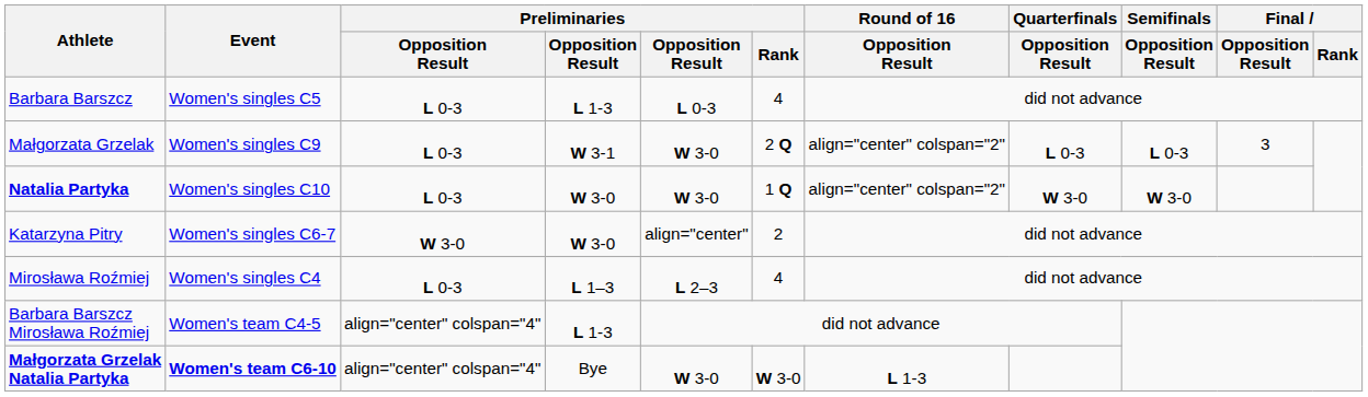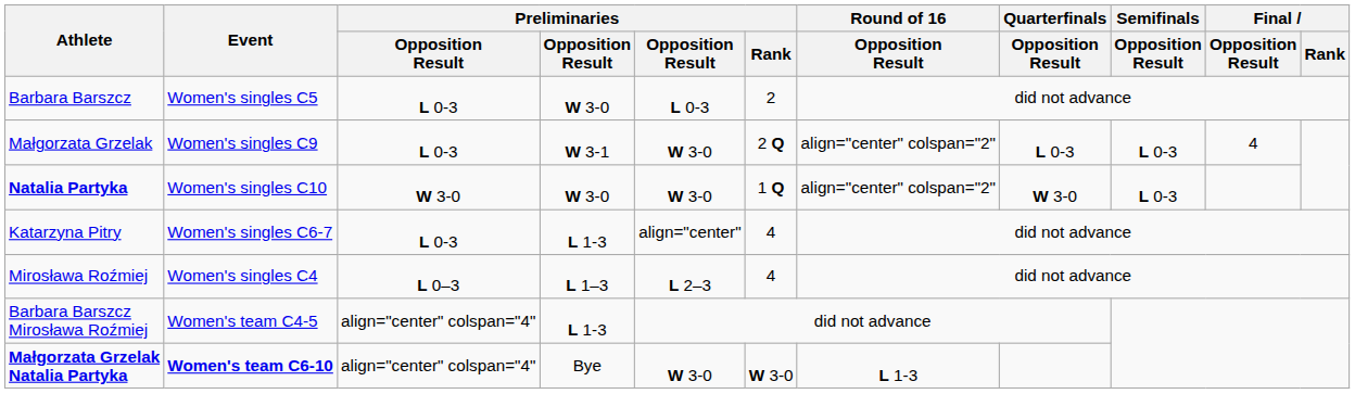 <table class=wikitable style="font-size:90%">
 <tr>
 <th rowspan="2">Athlete</th>
 <th rowspan="2">Event</th>
 <th colspan="4">Preliminaries</th>
 <th>Round of 16</th>
 <th>Quarterfinals</th>
 <th>Semifinals</th>
 <th colspan="2">Final / </th>
 </tr>
 <tr>
 <th>Opposition<br>Result</th>
 <th>Opposition<br>Result</th>
 <th>Opposition<br>Result</th>
 <th>Rank</th>
 <th>Opposition<br>Result</th>
 <th>Opposition<br>Result</th>
 <th>Opposition<br>Result</th>
 <th>Opposition<br>Result</th>
 <th>Rank</th>
 </tr>
 <tr>
 <td><a href='#'>Barbara Barszcz</a></td>
 <td><a href='#'>Women's singles C5</a></td>
 <td align="center"><br><strong>L</strong> 0-3</td>
-<td align="center"><br><strong>L</strong> 1-3</td>
+<td align="center"><br><strong>W</strong> 3-0</td>
 <td align="center"><br><strong>L</strong> 0-3</td>
-<td align="center">4</td>
+<td align="center">2</td>
 <td align="center" colspan="5">did not advance</td>
 </tr>
 <tr>
 <td><a href='#'>Małgorzata Grzelak</a></td>
 <td><a href='#'>Women's singles C9</a></td>
 <td align="center"><br><strong>L</strong> 0-3</td>
 <td align="center"><br><strong>W</strong> 3-1</td>
 <td align="center"><br><strong>W</strong> 3-0</td>
 <td align="center">2 <strong>Q</strong></td>
 <td>align="center" colspan="2" </td>
 <td align="center"><br><strong>L</strong> 0-3</td>
 <td align="center"><br><strong>L</strong> 0-3</td>
-<td align="center">3</td>
+<td align="center">4</td>
 </tr>
 <tr>
 <td><strong><a href='#'>Natalia Partyka</a></strong></td>
 <td><a href='#'>Women's singles C10</a></td>
-<td align="center"><br><strong>L</strong> 0-3</td>
+<td align="center"><br><strong>W</strong> 3-0</td>
 <td align="center"><br><strong>W</strong> 3-0</td>
 <td align="center"><br><strong>W</strong> 3-0</td>
 <td align="center">1 <strong>Q</strong></td>
 <td>align="center" colspan="2" </td>
 <td align="center"><br><strong>W</strong> 3-0</td>
-<td align="center"><br><strong>W</strong> 3-0</td>
+<td align="center"><br><strong>L</strong> 0-3</td>
 <td align="center"></td>
 </tr>
 <tr>
 <td><a href='#'>Katarzyna Pitry</a></td>
 <td><a href='#'>Women's singles C6-7</a></td>
-<td align="center"><br><strong>W</strong> 3-0</td>
-<td align="center"><br><strong>W</strong> 3-0</td>
+<td align="center"><br><strong>L</strong> 0-3</td>
+<td align="center"><br><strong>L</strong> 1-3</td>
 <td>align="center" </td>
-<td align="center">2</td>
+<td align="center">4</td>
 <td align="center" colspan="5">did not advance</td>
 </tr>
 <tr>
 <td><a href='#'>Mirosława Roźmiej</a></td>
 <td><a href='#'>Women's singles C4</a></td>
-<td align="center"><br><strong>L</strong> 0-3</td>
+<td align="center"><br><strong>L</strong> 0–3</td>
 <td align="center"><br><strong>L</strong> 1–3</td>
 <td align="center"><br><strong>L</strong> 2–3</td>
 <td align="center">4</td>
 <td align="center" colspan="5">did not advance</td>
 </tr>
 <tr>
 <td><a href='#'>Barbara Barszcz</a><br> <a href='#'>Mirosława Roźmiej</a></td>
 <td><a href='#'>Women's team C4-5</a></td>
 <td>align="center" colspan="4" </td>
 <td align="center"><br><strong>L</strong> 1-3</td>
 <td align="center" colspan="4">did not advance</td>
 </tr>
 <tr>
 <td><strong><a href='#'>Małgorzata Grzelak</a></strong><br> <strong><a href='#'>Natalia Partyka</a></strong></td>
 <td><strong><a href='#'>Women's team C6-10</a></strong></td>
 <td>align="center" colspan="4" </td>
 <td align="center">Bye</td>
 <td align="center"><br><strong>W</strong> 3-0</td>
 <td align="center"><br><strong>W</strong> 3-0</td>
 <td align="center"><br><strong>L</strong> 1-3</td>
 <td align="center"></td>
 </tr>
 </table>
